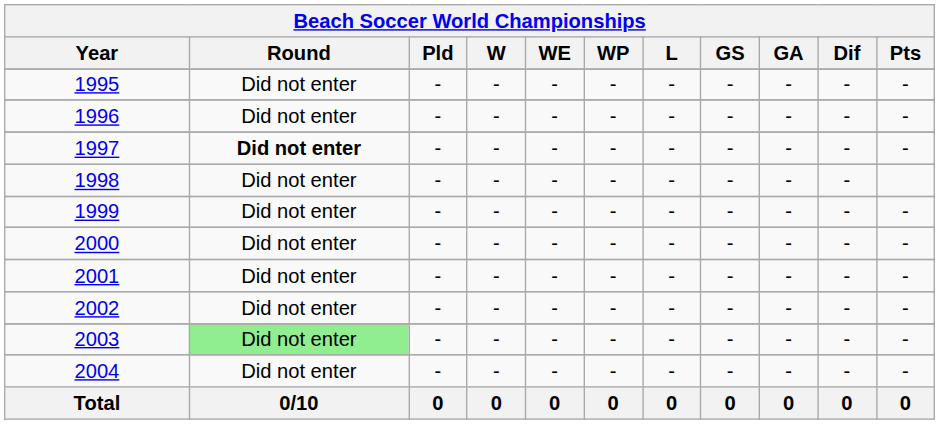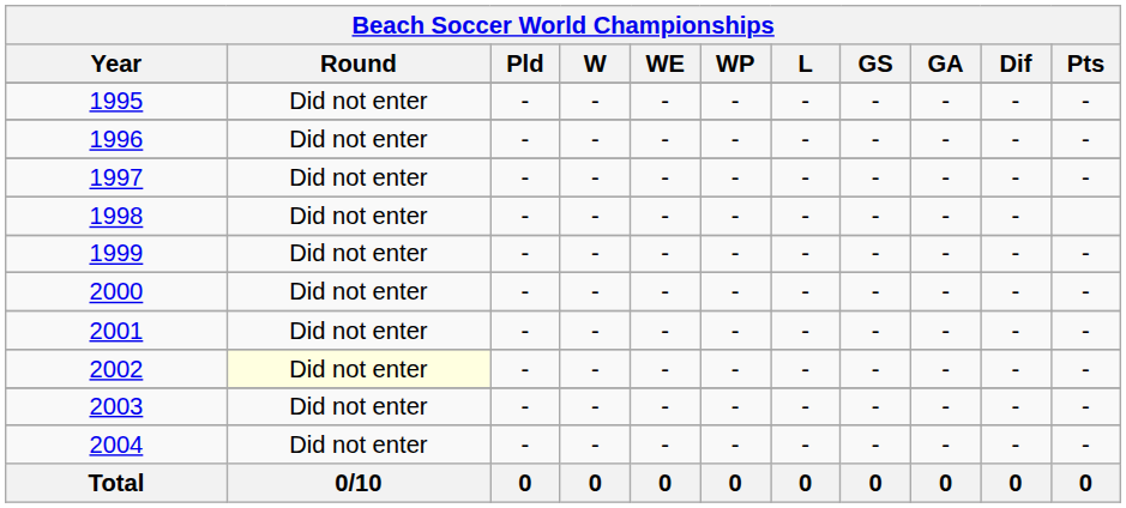 <table class="wikitable" style="text-align: center;font-size:90%;">
 <tr>
 <th colspan=11><a href='#'>Beach Soccer World Championships</a></th>
 </tr>
 <tr>
 <th width=125>Year</th>
 <th width=150>Round</th>
 <th width=35>Pld</th>
 <th width=35>W</th>
 <th width=35>WE</th>
 <th width=35>WP</th>
 <th width=35>L</th>
 <th width=35>GS</th>
 <th width=35>GA</th>
 <th width=35>Dif</th>
 <th width=35>Pts</th>
 </tr>
 <tr>
 </tr>
 <tr>
 <td> <a href='#'>1995</a></td>
 <td>Did not enter</td>
 <td>-</td>
 <td>-</td>
 <td>-</td>
 <td>-</td>
 <td>-</td>
 <td>-</td>
 <td>-</td>
 <td>-</td>
 <td>-</td>
 </tr>
 <tr>
 </tr>
 <tr>
 <td> <a href='#'>1996</a></td>
 <td>Did not enter</td>
 <td>-</td>
 <td>-</td>
 <td>-</td>
 <td>-</td>
 <td>-</td>
 <td>-</td>
 <td>-</td>
 <td>-</td>
 <td>-</td>
 </tr>
 <tr>
 </tr>
 <tr>
 <td> <a href='#'>1997</a></td>
-<td><strong>Did not enter</strong></td>
+<td>Did not enter</td>
 <td>-</td>
 <td>-</td>
 <td>-</td>
 <td>-</td>
 <td>-</td>
 <td>-</td>
 <td>-</td>
 <td>-</td>
 <td>-</td>
 </tr>
 <tr>
 </tr>
 <tr>
 <td> <a href='#'>1998</a></td>
 <td>Did not enter</td>
 <td>-</td>
 <td>-</td>
 <td>-</td>
 <td>-</td>
 <td>-</td>
 <td>-</td>
 <td>-</td>
 <td>-</td>
 <td></td>
 </tr>
 <tr>
 </tr>
 <tr>
 <td> <a href='#'>1999</a></td>
 <td>Did not enter</td>
 <td>-</td>
 <td>-</td>
 <td>-</td>
 <td>-</td>
 <td>-</td>
 <td>-</td>
 <td>-</td>
 <td>-</td>
 <td>-</td>
 </tr>
 <tr>
 </tr>
 <tr>
 <td> <a href='#'>2000</a></td>
 <td>Did not enter</td>
 <td>-</td>
 <td>-</td>
 <td>-</td>
 <td>-</td>
 <td>-</td>
 <td>-</td>
 <td>-</td>
 <td>-</td>
 <td>-</td>
 </tr>
 <tr>
 </tr>
 <tr>
 <td> <a href='#'>2001</a></td>
 <td>Did not enter</td>
 <td>-</td>
 <td>-</td>
 <td>-</td>
 <td>-</td>
 <td>-</td>
 <td>-</td>
 <td>-</td>
 <td>-</td>
 <td>-</td>
 </tr>
 <tr>
 </tr>
 <tr>
 <td> <a href='#'>2002</a></td>
-<td>Did not enter</td>
+<td style="background: lightyellow;">Did not enter</td>
 <td>-</td>
 <td>-</td>
 <td>-</td>
 <td>-</td>
 <td>-</td>
 <td>-</td>
 <td>-</td>
 <td>-</td>
 <td>-</td>
 </tr>
 <tr>
 </tr>
 <tr>
 <td> <a href='#'>2003</a></td>
-<td style="background: lightgreen;">Did not enter</td>
+<td>Did not enter</td>
 <td>-</td>
 <td>-</td>
 <td>-</td>
 <td>-</td>
 <td>-</td>
 <td>-</td>
 <td>-</td>
 <td>-</td>
 <td>-</td>
 </tr>
 <tr>
 </tr>
 <tr>
 <td> <a href='#'>2004</a></td>
 <td>Did not enter</td>
 <td>-</td>
 <td>-</td>
 <td>-</td>
 <td>-</td>
 <td>-</td>
 <td>-</td>
 <td>-</td>
 <td>-</td>
 <td>-</td>
 </tr>
 <tr>
 <th>Total</th>
 <th>0/10</th>
 <th>0</th>
 <th>0</th>
 <th>0</th>
 <th>0</th>
 <th>0</th>
 <th>0</th>
 <th>0</th>
 <th>0</th>
 <th>0</th>
 </tr>
 </table>
